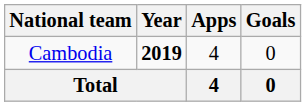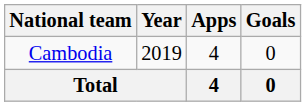 <table class="wikitable" style="text-align:center">
 <tr>
 <th>National team</th>
 <th>Year</th>
 <th>Apps</th>
 <th>Goals</th>
 </tr>
 <tr>
 <td rowspan="1"><a href='#'>Cambodia</a></td>
-<td><strong>2019</strong></td>
+<td>2019</td>
 <td>4</td>
 <td>0</td>
 </tr>
 <tr>
 <th colspan=2>Total</th>
 <th>4</th>
 <th>0</th>
 </tr>
 </table>
